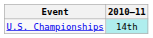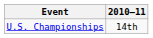 <table class="wikitable" style="text-align:center">
 <tr>
 <th>Event</th>
 <th>2010–11</th>
 </tr>
 <tr>
 <td align=left><a href='#'>U.S. Championships</a></td>
-<td style="background: paleturquoise;">14th</td>
+<td>14th</td>
 </tr>
 </table>
